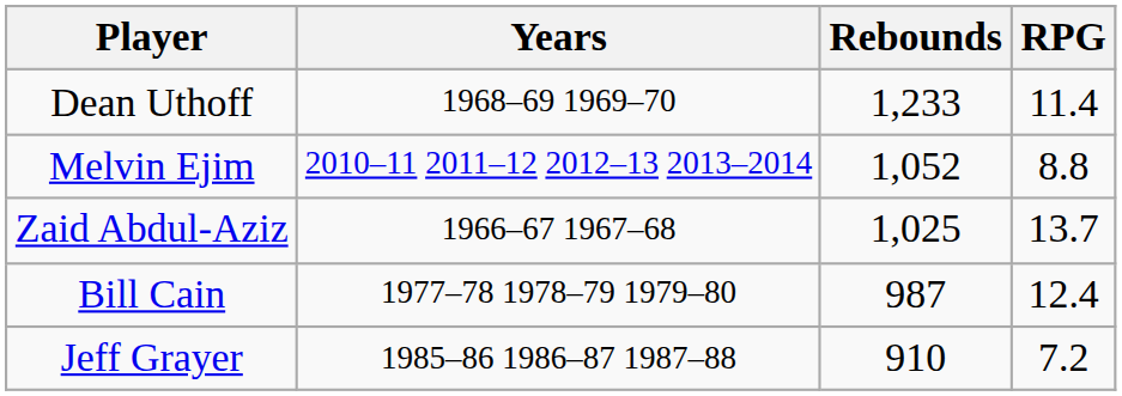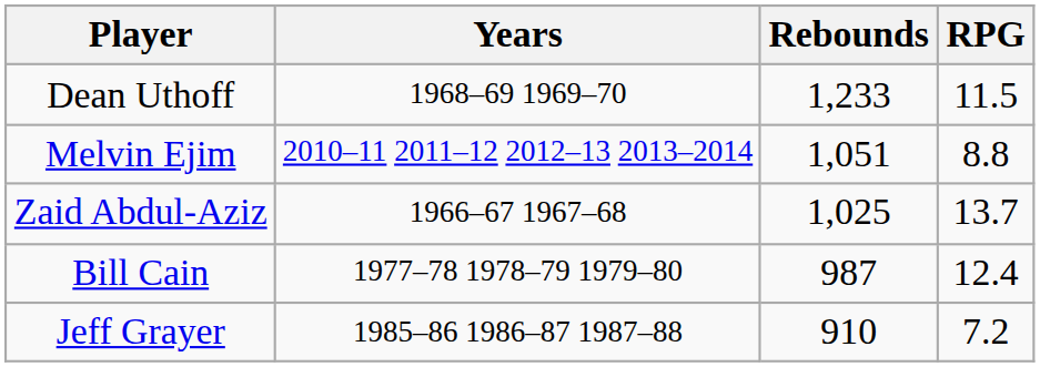 <table class="wikitable" style="text-align: center">
 <tr align=center>
 <th>Player</th>
 <th>Years</th>
 <th>Rebounds</th>
 <th>RPG</th>
 </tr>
 <tr>
 <td>Dean Uthoff</td>
 <td style="font-size:80%;">1968–69 1969–70</td>
 <td>1,233</td>
-<td>11.4</td>
+<td>11.5</td>
 </tr>
 <tr>
 <td><a href='#'>Melvin Ejim</a></td>
 <td style="font-size:80%;"><a href='#'>2010–11</a> <a href='#'>2011–12</a> <a href='#'>2012–13</a> <a href='#'>2013–2014</a></td>
-<td>1,052</td>
+<td>1,051</td>
 <td>8.8</td>
 </tr>
 <tr>
 <td><a href='#'>Zaid Abdul-Aziz</a></td>
 <td style="font-size:80%;">1966–67 1967–68</td>
 <td>1,025</td>
 <td>13.7</td>
 </tr>
 <tr>
 <td><a href='#'>Bill Cain</a></td>
 <td style="font-size:80%;">1977–78 1978–79 1979–80</td>
 <td>987</td>
 <td>12.4</td>
 </tr>
 <tr>
 <td><a href='#'>Jeff Grayer</a></td>
 <td style="font-size:80%;">1985–86 1986–87 1987–88</td>
 <td>910</td>
 <td>7.2</td>
 </tr>
 </table>
